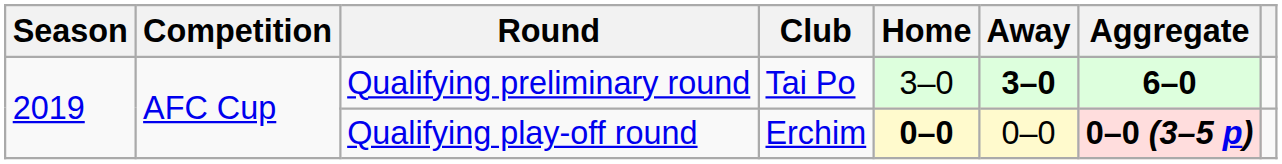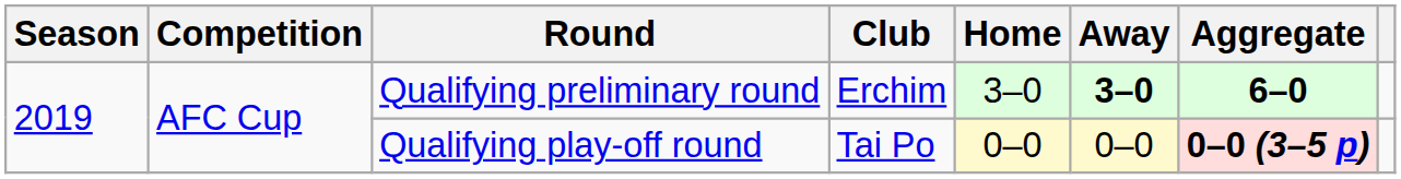 <table class="wikitable mw-collapsible mw-collapsed" align=center cellspacing="0" cellpadding="3" style="border:1px solid #AAAAAA;font-size:90%">
 <tr>
 <th>Season</th>
 <th>Competition</th>
 <th>Round</th>
 <th>Club</th>
 <th>Home</th>
 <th>Away</th>
 <th>Aggregate</th>
 <th></th>
 </tr>
 <tr>
 <td rowspan="2"><a href='#'>2019</a></td>
 <td rowspan="2"><a href='#'>AFC Cup</a></td>
 <td><a href='#'>Qualifying preliminary round</a></td>
-<td> <a href='#'>Tai Po</a></td>
+<td> <a href='#'>Erchim</a></td>
 <td bgcolor="#ddffdd" style="text-align:center;">3–0</td>
 <td bgcolor="#ddffdd" style="text-align:center;"><strong>3–0</strong></td>
 <td bgcolor="ddffdd" style="text-align:center;"><strong>6–0</strong></td>
 <td bgcolor="" style="text-align:center;"></td>
 </tr>
 <tr>
 <td><a href='#'>Qualifying play-off round</a></td>
-<td> <a href='#'>Erchim</a></td>
-<td bgcolor="#fffacd" style="text-align:center;"><strong>0–0</strong></td>
+<td> <a href='#'>Tai Po</a></td>
+<td bgcolor="#fffacd" style="text-align:center;">0–0</td>
 <td bgcolor="#fffacd " style="text-align:center;">0–0</td>
 <td bgcolor="#ffdddd " style="text-align:center;"><strong> 0–0 <em>(3–5 <a href='#'>p</a>)</em> </strong></td>
 <td bgcolor="" style="text-align:center;"></td>
 </tr>
 </table>
